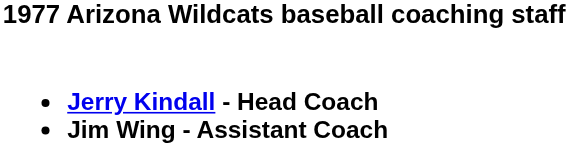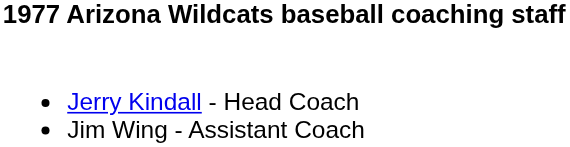 <table class="toccolours">
 <tr>
 <th colspan="9">1977 Arizona Wildcats baseball coaching staff</th>
 </tr>
 <tr>
-<td style="text-align: left; font-size: 95%;" valign="top"><strong><br><ul><li><a href='#'>Jerry Kindall</a> - Head Coach</li><li>Jim Wing - Assistant Coach</li></ul></strong></td>
+<td style="text-align: left; font-size: 95%;" valign="top"><br><ul><li><a href='#'>Jerry Kindall</a> - Head Coach</li><li>Jim Wing - Assistant Coach</li></ul></td>
 </tr>
 </table>
